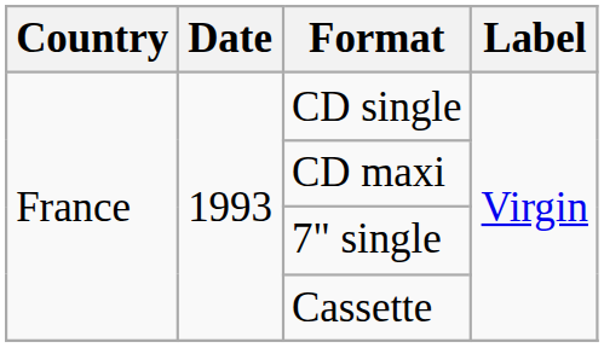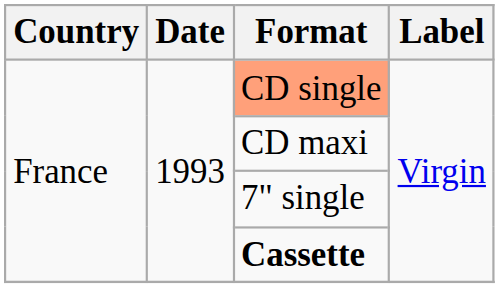 <table class=wikitable>
 <tr>
 <th>Country</th>
 <th>Date</th>
 <th>Format</th>
 <th>Label</th>
 </tr>
 <tr>
 <td rowspan="4">France</td>
 <td rowspan="4">1993</td>
-<td>CD single</td>
+<td style="background: lightsalmon;">CD single</td>
 <td rowspan="4"><a href='#'>Virgin</a></td>
 </tr>
 <tr>
 <td>CD maxi</td>
 </tr>
 <tr>
 <td>7" single</td>
 </tr>
 <tr>
-<td>Cassette</td>
+<td><strong>Cassette</strong></td>
 </tr>
 <tr>
 </tr>
 </table>
